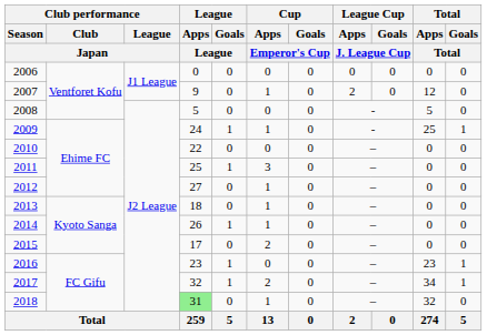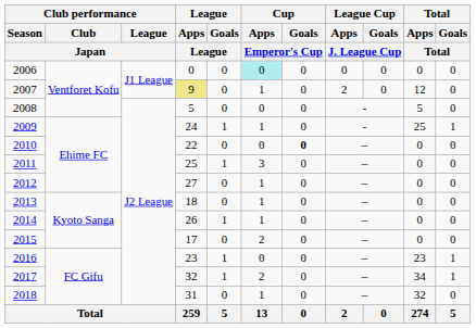 <table class="wikitable" style="text-align:center;">
 <tr>
 <th colspan=3>Club performance</th>
 <th colspan=2>League</th>
 <th colspan=2>Cup</th>
 <th colspan=2>League Cup</th>
 <th colspan=2>Total</th>
 </tr>
 <tr>
 <th>Season</th>
 <th>Club</th>
 <th>League</th>
 <th>Apps</th>
 <th>Goals</th>
 <th>Apps</th>
 <th>Goals</th>
 <th>Apps</th>
 <th>Goals</th>
 <th>Apps</th>
 <th>Goals</th>
 </tr>
 <tr>
 <th colspan=3>Japan</th>
 <th colspan=2>League</th>
 <th colspan=2><a href='#'>Emperor's Cup</a></th>
 <th colspan=2><a href='#'>J. League Cup</a></th>
 <th colspan=2>Total</th>
 </tr>
 <tr>
 <td>2006</td>
 <td rowspan="3"><a href='#'>Ventforet Kofu</a></td>
 <td rowspan="2"><a href='#'>J1 League</a></td>
 <td>0</td>
 <td>0</td>
-<td>0</td>
+<td style="background: paleturquoise;">0</td>
 <td>0</td>
 <td>0</td>
 <td>0</td>
 <td>0</td>
 <td>0</td>
 </tr>
 <tr>
 <td>2007</td>
-<td>9</td>
+<td style="background: khaki;">9</td>
 <td>0</td>
 <td>1</td>
 <td>0</td>
 <td>2</td>
 <td>0</td>
 <td>12</td>
 <td>0</td>
 </tr>
 <tr>
 <td>2008</td>
 <td rowspan="11"><a href='#'>J2 League</a></td>
 <td>5</td>
 <td>0</td>
 <td>0</td>
 <td>0</td>
 <td colspan="2">-</td>
 <td>5</td>
 <td>0</td>
 </tr>
 <tr>
 <td><a href='#'>2009</a></td>
 <td rowspan="4"><a href='#'>Ehime FC</a></td>
 <td>24</td>
 <td>1</td>
 <td>1</td>
 <td>0</td>
 <td colspan="2">-</td>
 <td>25</td>
 <td>1</td>
 </tr>
 <tr>
 <td><a href='#'>2010</a></td>
 <td>22</td>
 <td>0</td>
 <td>0</td>
-<td>0</td>
+<td><strong>0</strong></td>
 <td colspan="2">–</td>
 <td>0</td>
 <td>0</td>
 </tr>
 <tr>
 <td><a href='#'>2011</a></td>
 <td>25</td>
 <td>1</td>
 <td>3</td>
 <td>0</td>
 <td colspan="2">–</td>
 <td>0</td>
 <td>0</td>
 </tr>
 <tr>
 <td><a href='#'>2012</a></td>
 <td>27</td>
 <td>0</td>
 <td>1</td>
 <td>0</td>
 <td colspan="2">–</td>
 <td>0</td>
 <td>0</td>
 </tr>
 <tr>
 <td><a href='#'>2013</a></td>
 <td rowspan="3"><a href='#'>Kyoto Sanga</a></td>
 <td>18</td>
 <td>0</td>
 <td>1</td>
 <td>0</td>
 <td colspan="2">–</td>
 <td>0</td>
 <td>0</td>
 </tr>
 <tr>
 <td><a href='#'>2014</a></td>
 <td>26</td>
 <td>1</td>
 <td>1</td>
 <td>0</td>
 <td colspan="2">–</td>
 <td>0</td>
 <td>0</td>
 </tr>
 <tr>
 <td><a href='#'>2015</a></td>
 <td>17</td>
 <td>0</td>
 <td>2</td>
 <td>0</td>
 <td colspan="2">–</td>
 <td>0</td>
 <td>0</td>
 </tr>
 <tr>
 <td><a href='#'>2016</a></td>
 <td rowspan="3"><a href='#'>FC Gifu</a></td>
 <td>23</td>
 <td>1</td>
 <td>0</td>
 <td>0</td>
 <td colspan="2">–</td>
 <td>23</td>
 <td>1</td>
 </tr>
 <tr>
 <td><a href='#'>2017</a></td>
 <td>32</td>
 <td>1</td>
 <td>2</td>
 <td>0</td>
 <td colspan="2">–</td>
 <td>34</td>
 <td>1</td>
 </tr>
 <tr>
 <td><a href='#'>2018</a></td>
-<td style="background: lightgreen;">31</td>
+<td>31</td>
 <td>0</td>
 <td>1</td>
 <td>0</td>
 <td colspan="2">–</td>
 <td>32</td>
 <td>0</td>
 </tr>
 <tr>
 <th colspan=3>Total</th>
 <th>259</th>
 <th>5</th>
 <th>13</th>
 <th>0</th>
 <th>2</th>
 <th>0</th>
 <th>274</th>
 <th>5</th>
 </tr>
 </table>
